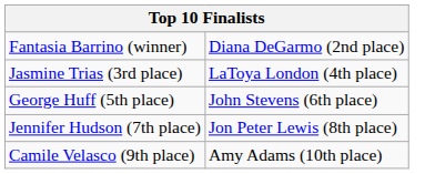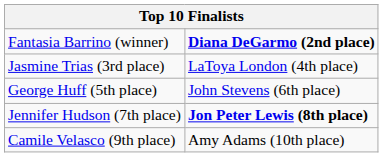 <table class="wikitable" align="center">
 <tr>
 <th colspan="2">Top 10 Finalists</th>
 </tr>
 <tr>
 <td><a href='#'>Fantasia Barrino</a> (winner)</td>
-<td><a href='#'>Diana DeGarmo</a> (2nd place)</td>
+<td><strong><a href='#'>Diana DeGarmo</a> (2nd place)</strong></td>
 </tr>
 <tr>
 <td><a href='#'>Jasmine Trias</a> (3rd place)</td>
 <td><a href='#'>LaToya London</a> (4th place)</td>
 </tr>
 <tr>
 <td><a href='#'>George Huff</a> (5th place)</td>
 <td><a href='#'>John Stevens</a> (6th place)</td>
 </tr>
 <tr>
 <td><a href='#'>Jennifer Hudson</a> (7th place)</td>
-<td><a href='#'>Jon Peter Lewis</a> (8th place)</td>
+<td><strong><a href='#'>Jon Peter Lewis</a> (8th place)</strong></td>
 </tr>
 <tr>
 <td><a href='#'>Camile Velasco</a> (9th place)</td>
 <td>Amy Adams (10th place)</td>
 </tr>
 </table>
